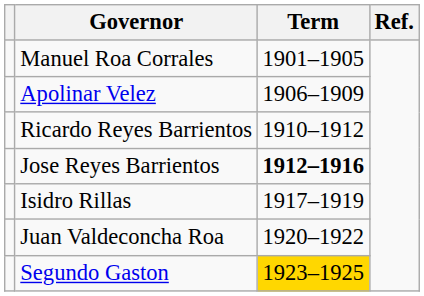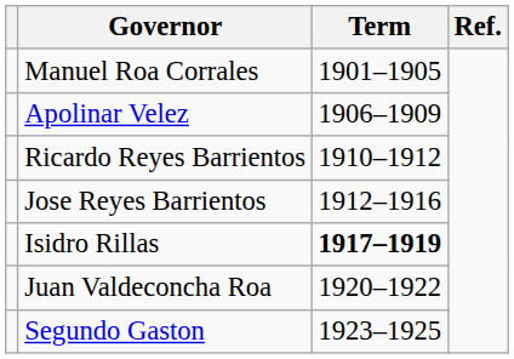 <table class= "wikitable"  border = "1">
 <tr>
 <th></th>
 <th>Governor</th>
 <th>Term</th>
 <th>Ref.</th>
 </tr>
 <tr>
 <td></td>
 <td>Manuel Roa Corrales</td>
 <td>1901–1905</td>
 <td rowspan="7"></td>
 </tr>
 <tr>
 <td></td>
 <td><a href='#'>Apolinar Velez</a></td>
 <td>1906–1909</td>
 </tr>
 <tr>
 <td></td>
 <td>Ricardo Reyes Barrientos</td>
 <td>1910–1912</td>
 </tr>
 <tr>
 <td></td>
 <td>Jose Reyes Barrientos</td>
-<td><strong>1912–1916</strong></td>
+<td>1912–1916</td>
 </tr>
 <tr>
 <td></td>
 <td>Isidro Rillas</td>
-<td>1917–1919</td>
+<td><strong>1917–1919</strong></td>
 </tr>
 <tr>
 <td></td>
 <td>Juan Valdeconcha Roa</td>
 <td>1920–1922</td>
 </tr>
 <tr>
 <td></td>
 <td><a href='#'>Segundo Gaston</a></td>
-<td style="background: gold;">1923–1925</td>
+<td>1923–1925</td>
 </tr>
 </table>
